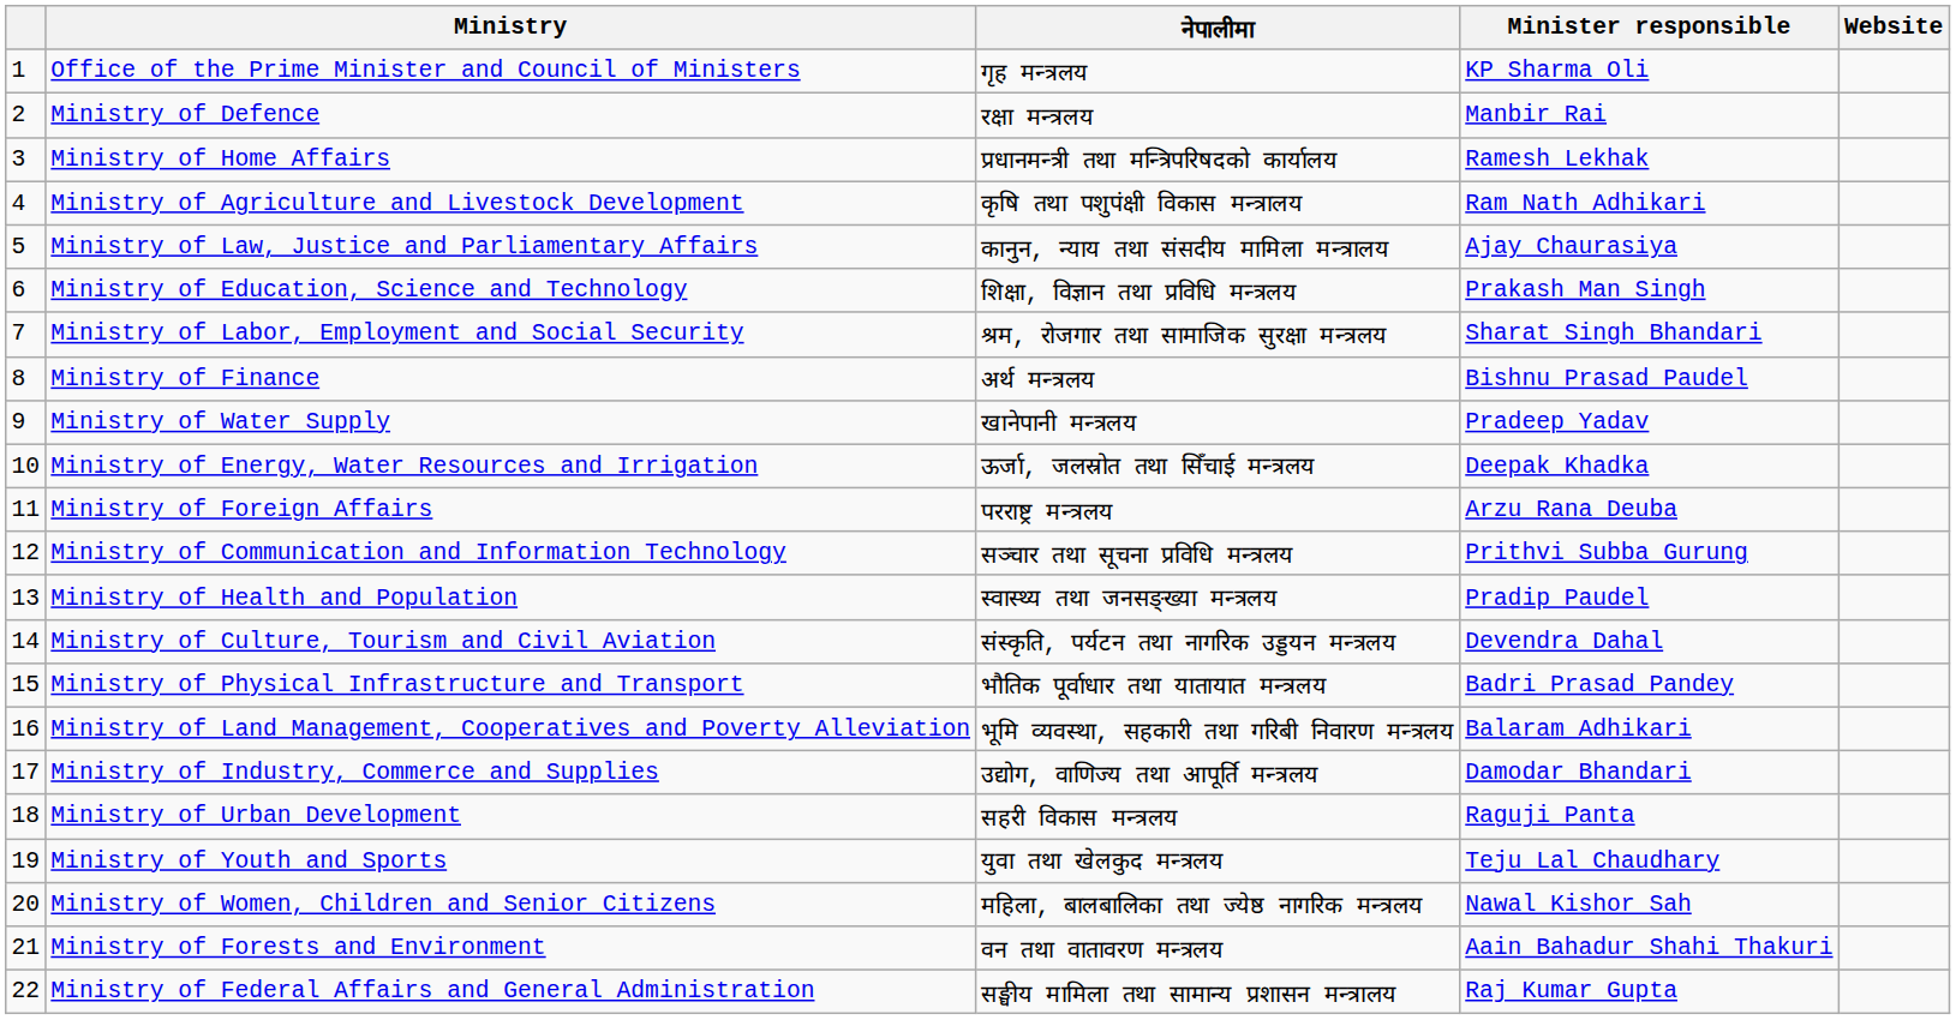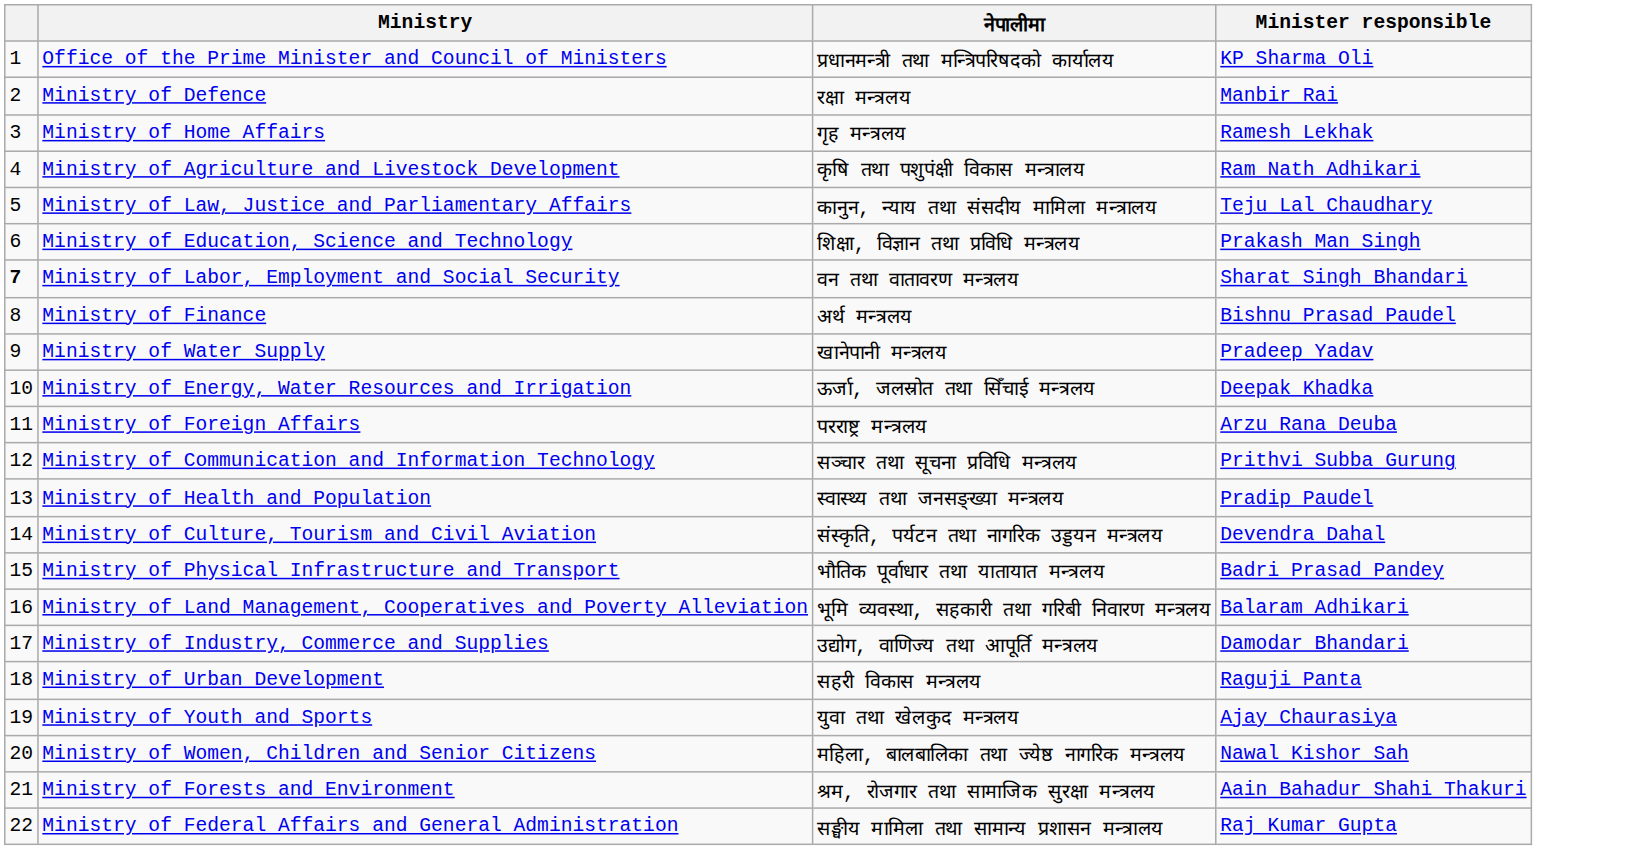 <table class="wikitable sortable">
 <tr>
 <th></th>
 <th>Ministry</th>
 <th>नेपालीमा</th>
 <th>Minister responsible</th>
-<th>Website</th>
 </tr>
 <tr>
 <td>1</td>
 <td><a href='#'>Office of the Prime Minister and Council of Ministers</a></td>
-<td>गृह मन्त्रलय</td>
+<td>प्रधानमन्त्री तथा मन्त्रिपरिषदको कार्यालय</td>
 <td><a href='#'>KP Sharma Oli</a></td>
-<td></td>
 </tr>
 <tr>
 <td>2</td>
 <td><a href='#'>Ministry of Defence</a></td>
 <td>रक्षा मन्त्रलय</td>
 <td><a href='#'>Manbir Rai</a></td>
-<td></td>
 </tr>
 <tr>
 <td>3</td>
 <td><a href='#'>Ministry of Home Affairs</a></td>
-<td>प्रधानमन्त्री तथा मन्त्रिपरिषदको कार्यालय</td>
+<td>गृह मन्त्रलय</td>
 <td><a href='#'>Ramesh Lekhak</a></td>
-<td></td>
 </tr>
 <tr>
 <td>4</td>
 <td><a href='#'>Ministry of Agriculture and Livestock Development</a></td>
 <td>कृषि तथा पशुपंक्षी विकास मन्त्रालय</td>
 <td><a href='#'>Ram Nath Adhikari</a></td>
-<td></td>
 </tr>
 <tr>
 <td>5</td>
 <td><a href='#'>Ministry of Law, Justice and Parliamentary Affairs</a></td>
 <td>कानुन, न्याय तथा संसदीय मामिला मन्त्रालय</td>
-<td><a href='#'>Ajay Chaurasiya</a></td>
-<td></td>
+<td><a href='#'>Teju Lal Chaudhary</a></td>
 </tr>
 <tr>
 <td>6</td>
 <td><a href='#'>Ministry of Education, Science and Technology</a></td>
 <td>शिक्षा, विज्ञान तथा प्रविधि मन्त्रलय</td>
 <td><a href='#'>Prakash Man Singh</a></td>
-<td></td>
 </tr>
 <tr>
-<td>7</td>
+<td><strong>7</strong></td>
 <td><a href='#'>Ministry of Labor, Employment and Social Security</a></td>
-<td>श्रम, रोजगार तथा सामाजिक सुरक्षा मन्त्रलय</td>
+<td>वन तथा वातावरण मन्त्रलय</td>
 <td><a href='#'>Sharat Singh Bhandari</a></td>
-<td></td>
 </tr>
 <tr>
 <td>8</td>
 <td><a href='#'>Ministry of Finance</a></td>
 <td>अर्थ मन्त्रलय</td>
 <td><a href='#'>Bishnu Prasad Paudel</a></td>
-<td></td>
 </tr>
 <tr>
 <td>9</td>
 <td><a href='#'>Ministry of Water Supply</a></td>
 <td>खानेपानी मन्त्रलय</td>
 <td><a href='#'>Pradeep Yadav</a></td>
-<td></td>
 </tr>
 <tr>
 <td>10</td>
 <td><a href='#'>Ministry of Energy, Water Resources and Irrigation</a></td>
 <td>ऊर्जा, जलस्रोत तथा सिँचाई मन्त्रलय</td>
 <td><a href='#'>Deepak Khadka</a></td>
-<td></td>
 </tr>
 <tr>
 <td>11</td>
 <td><a href='#'>Ministry of Foreign Affairs</a></td>
 <td>परराष्ट्र मन्त्रलय</td>
 <td><a href='#'>Arzu Rana Deuba</a></td>
-<td></td>
 </tr>
 <tr>
 <td>12</td>
 <td><a href='#'>Ministry of Communication and Information Technology</a></td>
 <td>सञ्‍चार तथा सूचना प्रविधि मन्त्रलय</td>
 <td><a href='#'>Prithvi Subba Gurung</a></td>
-<td></td>
 </tr>
 <tr>
 <td>13</td>
 <td><a href='#'>Ministry of Health and Population</a></td>
 <td>स्वास्थ्य तथा जनसङ्‌ख्या मन्त्रलय</td>
 <td><a href='#'>Pradip Paudel</a></td>
-<td></td>
 </tr>
 <tr>
 <td>14</td>
 <td><a href='#'>Ministry of Culture, Tourism and Civil Aviation</a></td>
 <td>संस्कृति, पर्यटन तथा नागरिक उड्डयन मन्त्रलय</td>
 <td><a href='#'>Devendra Dahal</a></td>
-<td></td>
 </tr>
 <tr>
 <td>15</td>
 <td><a href='#'>Ministry of Physical Infrastructure and Transport</a></td>
 <td>भौतिक पूर्वाधार तथा यातायात मन्त्रलय</td>
 <td><a href='#'>Badri Prasad Pandey</a></td>
-<td></td>
 </tr>
 <tr>
 <td>16</td>
 <td><a href='#'>Ministry of Land Management, Cooperatives and Poverty Alleviation</a></td>
 <td>भूमि व्यवस्था, सहकारी तथा गरिबी निवारण मन्त्रलय</td>
 <td><a href='#'>Balaram Adhikari</a></td>
-<td></td>
 </tr>
 <tr>
 <td>17</td>
 <td><a href='#'>Ministry of Industry, Commerce and Supplies</a></td>
 <td>उद्योग, वाणिज्य तथा आपूर्ति मन्त्रलय</td>
 <td><a href='#'>Damodar Bhandari</a></td>
-<td></td>
 </tr>
 <tr>
 <td>18</td>
 <td><a href='#'>Ministry of Urban Development</a></td>
 <td>सहरी विकास मन्त्रलय</td>
 <td><a href='#'>Raguji Panta</a></td>
-<td></td>
 </tr>
 <tr>
 <td>19</td>
 <td><a href='#'>Ministry of Youth and Sports</a></td>
 <td>युवा तथा खेलकुद मन्त्रलय</td>
-<td><a href='#'>Teju Lal Chaudhary</a></td>
-<td></td>
+<td><a href='#'>Ajay Chaurasiya</a></td>
 </tr>
 <tr>
 <td>20</td>
 <td><a href='#'>Ministry of Women, Children and Senior Citizens</a></td>
 <td>महिला, बालबालिका तथा ज्येष्ठ नागरिक मन्त्रलय</td>
 <td><a href='#'>Nawal Kishor Sah</a></td>
-<td></td>
 </tr>
 <tr>
 <td>21</td>
 <td><a href='#'>Ministry of Forests and Environment</a></td>
-<td>वन तथा वातावरण मन्त्रलय</td>
+<td>श्रम, रोजगार तथा सामाजिक सुरक्षा मन्त्रलय</td>
 <td><a href='#'>Aain Bahadur Shahi Thakuri</a></td>
-<td></td>
 </tr>
 <tr>
 <td>22</td>
 <td><a href='#'>Ministry of Federal Affairs and General Administration</a></td>
 <td>सङ्घीय मामिला तथा सामान्य प्रशासन मन्त्रालय</td>
 <td><a href='#'>Raj Kumar Gupta</a></td>
-<td></td>
 </tr>
 </table>
